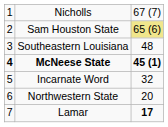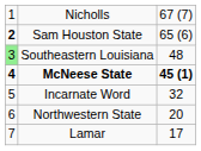 <table class="wikitable">
 <tr align="center">
 <td>1</td>
 <td>Nicholls</td>
 <td>67 (7)</td>
 </tr>
 <tr align="center">
-<td>2</td>
+<td><strong>2</strong></td>
 <td>Sam Houston State</td>
-<td style="background: khaki;">65 (6)</td>
+<td>65 (6)</td>
 </tr>
 <tr align="center">
-<td>3</td>
+<td style="background: lightgreen;">3</td>
 <td>Southeastern Louisiana</td>
 <td>48</td>
 </tr>
 <tr align="center">
 <td><strong>4</strong></td>
 <td><strong>McNeese State</strong></td>
 <td><strong>45 (1)</strong></td>
 </tr>
 <tr align="center">
 <td>5</td>
 <td>Incarnate Word</td>
 <td>32</td>
 </tr>
 <tr align="center">
 <td>6</td>
 <td>Northwestern State</td>
 <td>20</td>
 </tr>
 <tr align="center">
 <td>7</td>
 <td>Lamar</td>
-<td><strong>17</strong></td>
+<td>17</td>
 </tr>
 </table>
